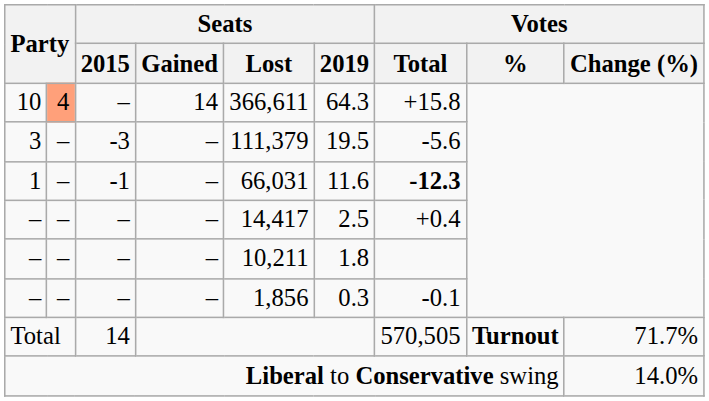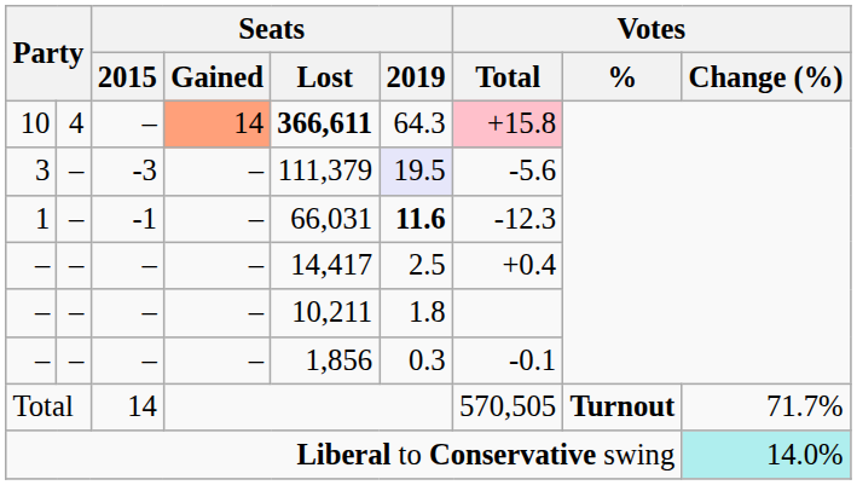 <table class="wikitable" style="text-align:right;">
 <tr>
 <th colspan="2" rowspan="2">Party</th>
 <th colspan="4">Seats</th>
 <th colspan="3">Votes</th>
 </tr>
 <tr>
 <th>2015</th>
 <th>Gained</th>
 <th>Lost</th>
 <th>2019</th>
 <th>Total</th>
 <th>%</th>
 <th>Change (%)</th>
 </tr>
 <tr>
 <td>10</td>
-<td style="background: lightsalmon;">4</td>
+<td>4</td>
 <td>–</td>
-<td>14</td>
-<td>366,611</td>
+<td style="background: lightsalmon;">14</td>
+<td><strong>366,611</strong></td>
 <td>64.3</td>
-<td>+15.8</td>
+<td style="background: pink;">+15.8</td>
 </tr>
 <tr>
 <td>3</td>
 <td>–</td>
 <td>-3</td>
 <td>–</td>
 <td>111,379</td>
-<td>19.5</td>
+<td style="background: lavender;">19.5</td>
 <td>-5.6</td>
 </tr>
 <tr>
 <td>1</td>
 <td>–</td>
 <td>-1</td>
 <td>–</td>
 <td>66,031</td>
-<td>11.6</td>
-<td><strong>-12.3</strong></td>
+<td><strong>11.6</strong></td>
+<td>-12.3</td>
 </tr>
 <tr>
 <td>–</td>
 <td>–</td>
 <td>–</td>
 <td>–</td>
 <td>14,417</td>
 <td>2.5</td>
 <td>+0.4</td>
 </tr>
 <tr>
 <td>–</td>
 <td>–</td>
 <td>–</td>
 <td>–</td>
 <td>10,211</td>
 <td>1.8</td>
 <td></td>
 </tr>
 <tr>
 <td>–</td>
 <td>–</td>
 <td>–</td>
 <td>–</td>
 <td>1,856</td>
 <td>0.3</td>
 <td>-0.1</td>
 </tr>
 <tr>
 <td colspan="2" style="text-align: left;">Total</td>
 <td>14</td>
 <td colspan="3"></td>
 <td>570,505</td>
 <td style="text-align: left;"><strong>Turnout</strong></td>
 <td>71.7%</td>
 </tr>
 <tr>
 <td colspan="8"><strong>Liberal</strong> to <strong>Conservative</strong> swing</td>
-<td>14.0%</td>
+<td style="background: paleturquoise;">14.0%</td>
 </tr>
 </table>
